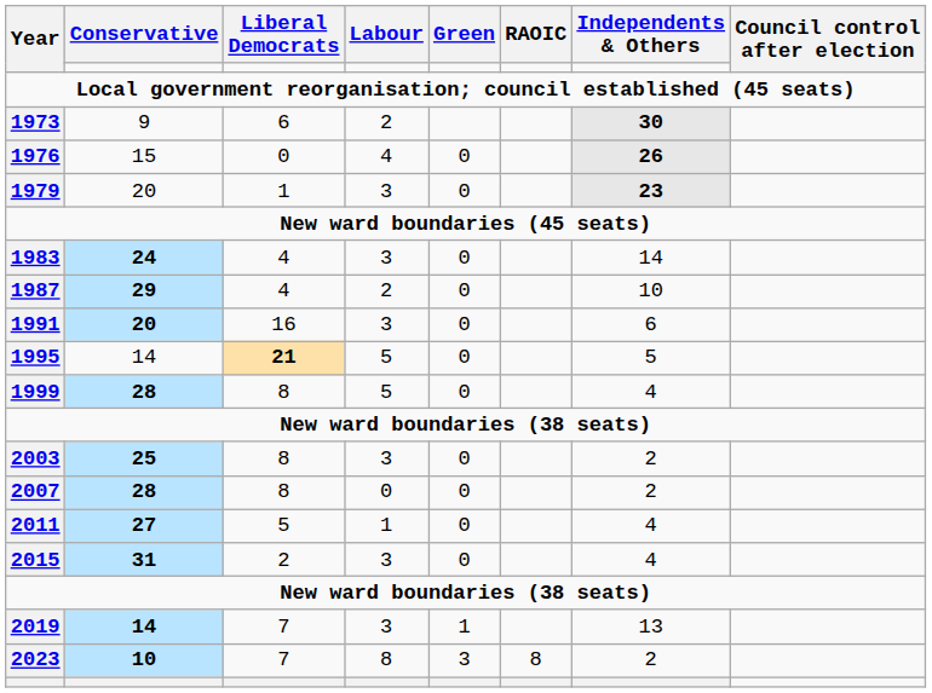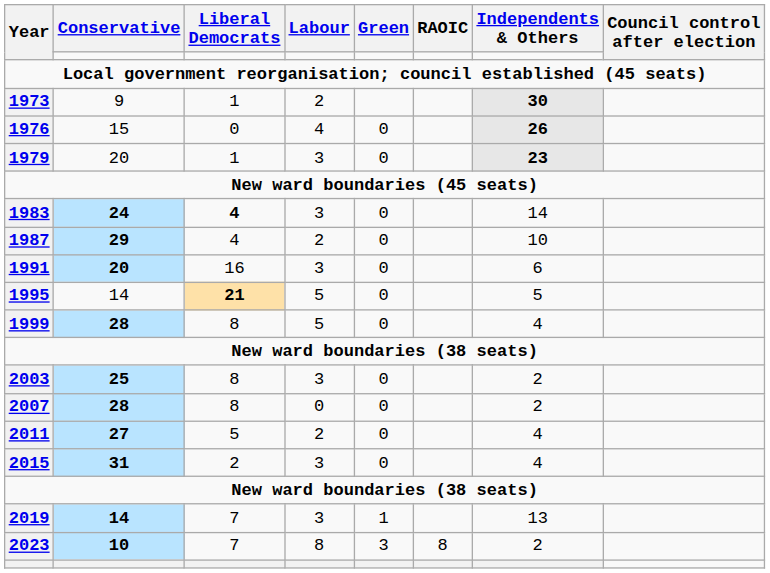 <table class="wikitable plainrowheaders" style="text-align:center">
 <tr>
 <th scope="col" rowspan="2">Year</th>
 <th scope="col"><a href='#'>Conservative</a></th>
 <th scope="col" style="width:1px"><a href='#'>Liberal Democrats</a></th>
 <th scope="col"><a href='#'>Labour</a></th>
 <th scope="col"><a href='#'>Green</a></th>
 <th scope="col">RAOIC</th>
 <th scope="col"><a href='#'>Independents</a><br>& Others</th>
 <th scope="col" rowspan="2" colspan="2">Council control<br>after election</th>
 </tr>
 <tr>
 <td style="background:"></td>
 <td style="background:"></td>
 <td style="background:"></td>
 <td style="background:"></td>
 <td style="background:"></td>
 <td style="background:"></td>
 </tr>
 <tr>
 <td colspan="9"><strong>Local government reorganisation; council established (45 seats)</strong></td>
 </tr>
 <tr>
 <th scope="row"><a href='#'>1973</a></th>
 <td>9</td>
-<td>6</td>
+<td>1</td>
 <td>2</td>
 <td></td>
 <td></td>
 <td style="background:#E7E7E7;"><strong>30</strong></td>
 <td></td>
 </tr>
 <tr>
 <th scope="row"><a href='#'>1976</a></th>
 <td>15</td>
 <td>0</td>
 <td>4</td>
 <td>0</td>
 <td></td>
 <td style="background:#E7E7E7;"><strong>26</strong></td>
 <td></td>
 </tr>
 <tr>
 <th scope="row"><a href='#'>1979</a></th>
 <td>20</td>
 <td>1</td>
 <td>3</td>
 <td>0</td>
 <td></td>
 <td style="background:#E7E7E7;"><strong>23</strong></td>
 <td></td>
 </tr>
 <tr>
 <td colspan="9"><strong>New ward boundaries (45 seats)</strong></td>
 </tr>
 <tr>
 <th scope="row"><a href='#'>1983</a></th>
 <td style="background:#B9E4FF;"><strong>24</strong></td>
-<td>4</td>
+<td><strong>4</strong></td>
 <td>3</td>
 <td>0</td>
 <td></td>
 <td>14</td>
 <td></td>
 </tr>
 <tr>
 <th scope="row"><a href='#'>1987</a></th>
 <td style="background:#B9E4FF;"><strong>29</strong></td>
 <td>4</td>
 <td>2</td>
 <td>0</td>
 <td></td>
 <td>10</td>
 <td></td>
 </tr>
 <tr>
 <th scope="row"><a href='#'>1991</a></th>
 <td style="background:#B9E4FF;"><strong>20</strong></td>
 <td>16</td>
 <td>3</td>
 <td>0</td>
 <td></td>
 <td>6</td>
 <td></td>
 </tr>
 <tr>
 <th scope="row"><a href='#'>1995</a></th>
 <td>14</td>
 <td style="background:#FEE1A8"><strong>21</strong></td>
 <td>5</td>
 <td>0</td>
 <td></td>
 <td>5</td>
 <td></td>
 </tr>
 <tr>
 <th scope="row"><a href='#'>1999</a></th>
 <td style="background:#B9E4FF;"><strong>28</strong></td>
 <td>8</td>
 <td>5</td>
 <td>0</td>
 <td></td>
 <td>4</td>
 <td></td>
 </tr>
 <tr>
 <td colspan="9"><strong>New ward boundaries (38 seats)</strong></td>
 </tr>
 <tr>
 <th scope="row"><a href='#'>2003</a></th>
 <td style="background:#B9E4FF;"><strong>25</strong></td>
 <td>8</td>
 <td>3</td>
 <td>0</td>
 <td></td>
 <td>2</td>
 <td></td>
 </tr>
 <tr>
 <th scope="row"><a href='#'>2007</a></th>
 <td style="background:#B9E4FF;"><strong>28</strong></td>
 <td>8</td>
 <td>0</td>
 <td>0</td>
 <td></td>
 <td>2</td>
 <td></td>
 </tr>
 <tr>
 <th scope="row"><a href='#'>2011</a></th>
 <td style="background:#B9E4FF;"><strong>27</strong></td>
 <td>5</td>
-<td>1</td>
+<td>2</td>
 <td>0</td>
 <td></td>
 <td>4</td>
 <td></td>
 </tr>
 <tr>
 <th scope="row"><a href='#'>2015</a></th>
 <td style="background:#B9E4FF;"><strong>31</strong></td>
 <td>2</td>
 <td>3</td>
 <td>0</td>
 <td></td>
 <td>4</td>
 <td></td>
 </tr>
 <tr>
 <td colspan="9"><strong>New ward boundaries (38 seats)</strong></td>
 </tr>
 <tr>
 <th scope="row"><a href='#'>2019</a></th>
 <td style="background:#B9E4FF;"><strong>14</strong></td>
 <td>7</td>
 <td>3</td>
 <td>1</td>
 <td></td>
 <td>13</td>
 <td></td>
 </tr>
 <tr>
 <th scope="row"><a href='#'>2023</a></th>
 <td style="background:#B9E4FF;"><strong>10</strong></td>
 <td>7</td>
 <td>8</td>
 <td>3</td>
 <td>8</td>
 <td>2</td>
 <td></td>
 </tr>
 <tr>
 <th></th>
 <th style="background-color: "></th>
 <th style="background-color: "></th>
 <th style="background-color: "></th>
 <th style="background-color: "></th>
 <th style="background-color: "></th>
 <th style="background-color: "></th>
 </tr>
 </table>
